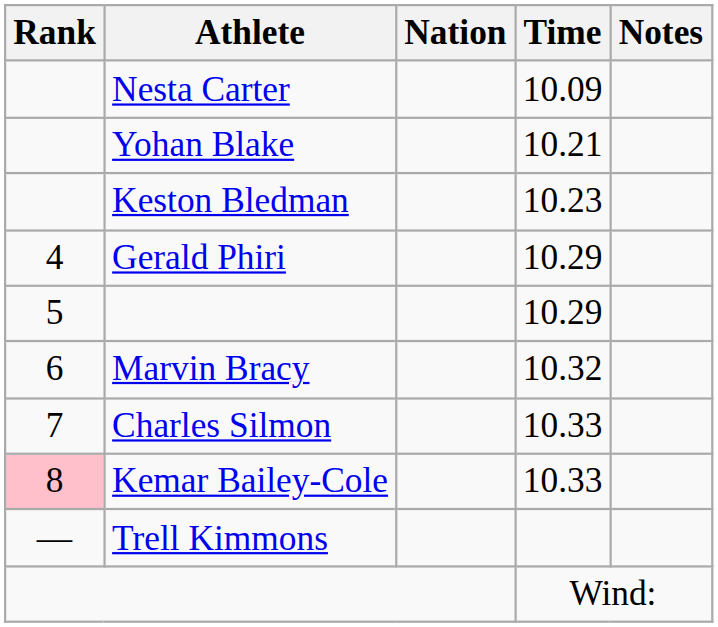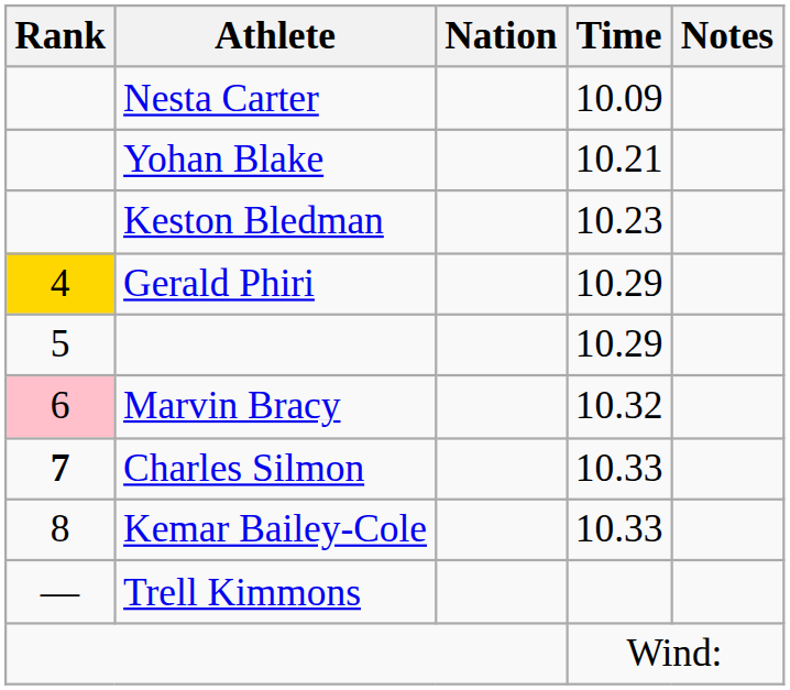 <table class="wikitable mw-datatable sortable" style="text-align:center;">
 <tr>
 <th>Rank</th>
 <th>Athlete</th>
 <th>Nation</th>
 <th>Time</th>
 <th>Notes</th>
 </tr>
 <tr>
 <td></td>
 <td align=left><a href='#'>Nesta Carter</a></td>
 <td align=left></td>
 <td>10.09</td>
 <td></td>
 </tr>
 <tr>
 <td></td>
 <td align=left><a href='#'>Yohan Blake</a></td>
 <td align=left></td>
 <td>10.21</td>
 <td></td>
 </tr>
 <tr>
 <td></td>
 <td align=left><a href='#'>Keston Bledman</a></td>
 <td align=left></td>
 <td>10.23</td>
 <td></td>
 </tr>
 <tr>
-<td>4</td>
+<td style="background: gold;">4</td>
 <td align=left><a href='#'>Gerald Phiri</a></td>
 <td align=left></td>
 <td>10.29</td>
 <td></td>
 </tr>
 <tr>
 <td>5</td>
 <td align=left><a href='#'></a></td>
 <td align=left></td>
 <td>10.29</td>
 <td></td>
 </tr>
 <tr>
-<td>6</td>
+<td style="background: pink;">6</td>
 <td align=left><a href='#'>Marvin Bracy</a></td>
 <td align=left></td>
 <td>10.32</td>
 <td></td>
 </tr>
 <tr>
-<td>7</td>
+<td><strong>7</strong></td>
 <td align=left><a href='#'>Charles Silmon</a></td>
 <td align=left></td>
 <td>10.33</td>
 <td></td>
 </tr>
 <tr>
-<td style="background: pink;">8</td>
+<td>8</td>
 <td align=left><a href='#'>Kemar Bailey-Cole</a></td>
 <td align=left></td>
 <td>10.33</td>
 <td></td>
 </tr>
 <tr>
 <td>—</td>
 <td align=left><a href='#'>Trell Kimmons</a></td>
 <td align=left></td>
 <td></td>
 <td></td>
 </tr>
 <tr class="sortbottom">
 <td colspan=3></td>
 <td colspan=2>Wind: </td>
 </tr>
 </table>
